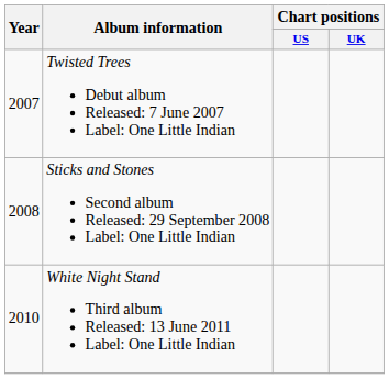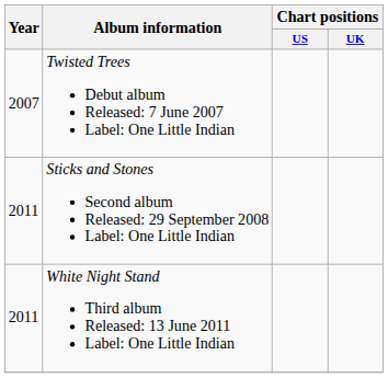 <table class="wikitable">
 <tr>
 <th rowspan="2">Year</th>
 <th rowspan="2">Album information</th>
 <th colspan="5">Chart positions</th>
 </tr>
 <tr>
 <th style="width:4em;font-size:80%"><a href='#'>US</a></th>
 <th style="width:4em;font-size:80%"><a href='#'>UK</a></th>
 </tr>
 <tr>
 <td>2007</td>
 <td><em>Twisted Trees</em><br><ul><li>Debut album</li><li>Released: 7 June 2007</li><li>Label: One Little Indian</li></ul></td>
 <td style="text-align:center;"></td>
 <td style="text-align:center;"></td>
 </tr>
 <tr>
-<td>2008</td>
+<td>2011</td>
 <td><em>Sticks and Stones</em><br><ul><li>Second album</li><li>Released: 29 September 2008</li><li>Label:  One Little Indian</li></ul></td>
 <td style="text-align:center;"></td>
 <td style="text-align:center;"></td>
 </tr>
 <tr>
-<td>2010</td>
+<td>2011</td>
 <td><em>White Night Stand</em><br><ul><li>Third album</li><li>Released: 13 June 2011</li><li>Label: One Little Indian</li></ul></td>
 <td style="text-align:center;"></td>
 <td style="text-align:center;"></td>
 </tr>
 <tr>
 </tr>
 </table>
